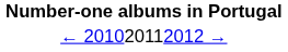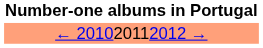 <table class="toc" id="toc" summary="Contents">
 <tr>
 <th>Number-one albums in Portugal</th>
 </tr>
 <tr>
-<td align="center"><a href='#'>← 2010</a>2011<a href='#'>2012 →</a></td>
+<td align="center" style="background: lightsalmon;"><a href='#'>← 2010</a>2011<a href='#'>2012 →</a></td>
 </tr>
 </table>
